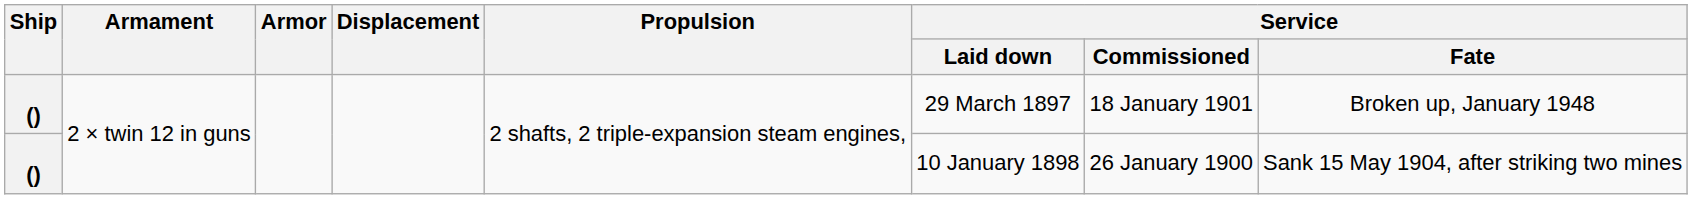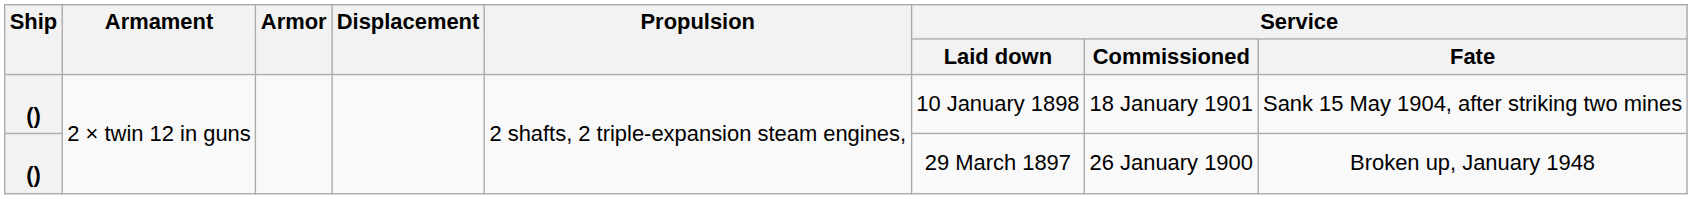 <table class="wikitable plainrowheaders" style="text-align: center;">
 <tr valign="top">
 <th scope="col" rowspan="2">Ship</th>
 <th scope="col" rowspan="2">Armament</th>
 <th scope="col" rowspan="2">Armor</th>
 <th scope="col" rowspan="2">Displacement</th>
 <th scope="col" rowspan="2">Propulsion</th>
 <th scope="col" colspan="3">Service</th>
 </tr>
 <tr valign="top">
 <th scope="col">Laid down</th>
 <th scope="col">Commissioned</th>
 <th scope="col">Fate</th>
 </tr>
 <tr valign="center">
 <th scope="row"><br>()</th>
 <td rowspan="2">2 × twin 12 in guns</td>
 <td rowspan="2"></td>
 <td rowspan="2"></td>
 <td rowspan="2">2 shafts, 2 triple-expansion steam engines,<br></td>
-<td>29 March 1897</td>
+<td>10 January 1898</td>
 <td>18 January 1901</td>
-<td>Broken up, January 1948</td>
+<td>Sank 15 May 1904, after striking two mines</td>
 </tr>
 <tr valign="center">
 <th scope="row"><br>()</th>
-<td>10 January 1898</td>
+<td>29 March 1897</td>
 <td>26 January 1900</td>
-<td>Sank 15 May 1904, after striking two mines</td>
+<td>Broken up, January 1948</td>
 </tr>
 </table>
